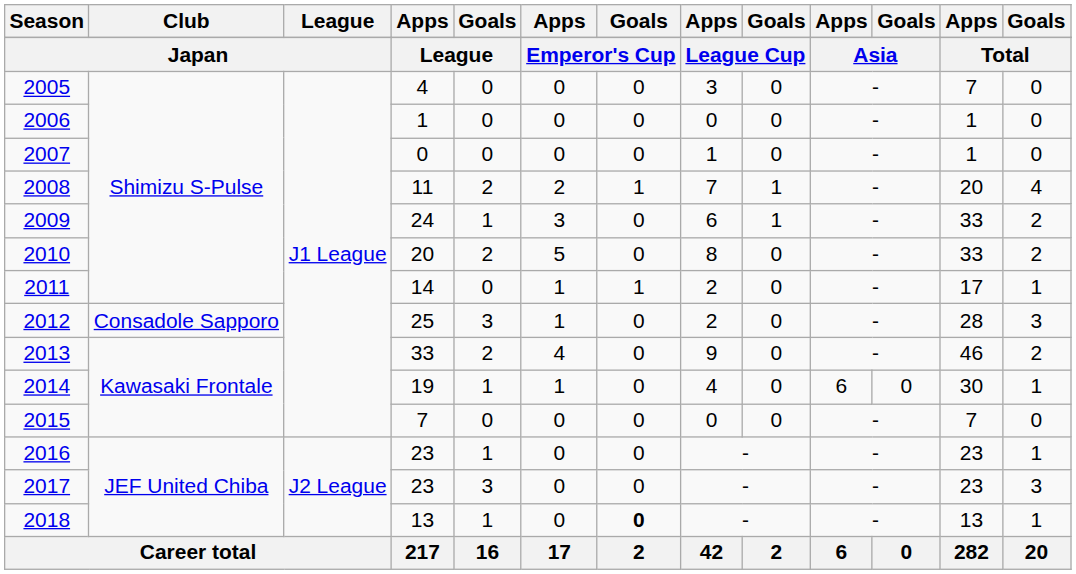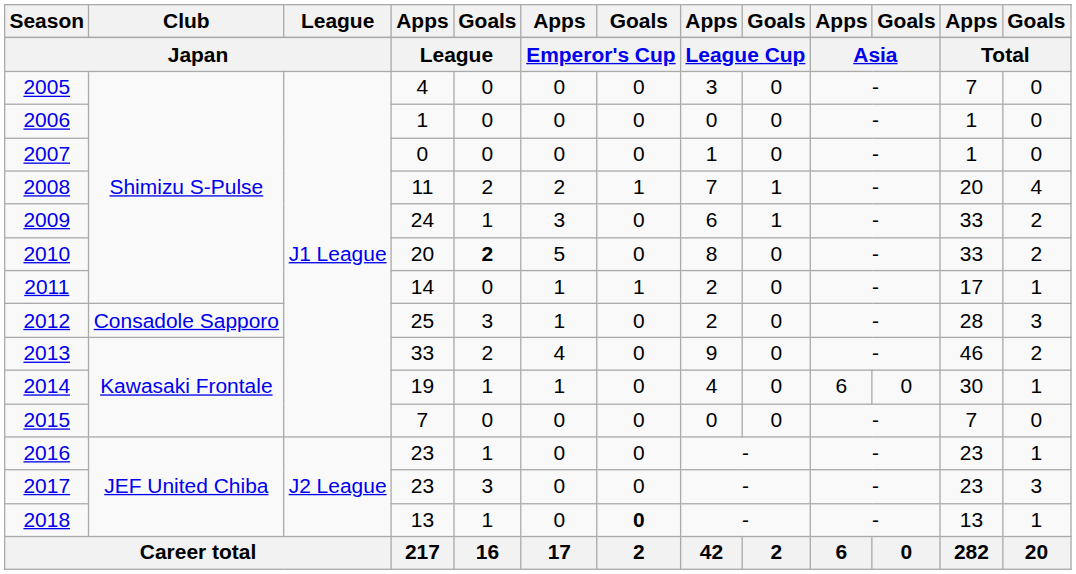 <table class="wikitable" style="text-align:center">
 <tr>
 <th>Season</th>
 <th>Club</th>
 <th>League</th>
 <th>Apps</th>
 <th>Goals</th>
 <th>Apps</th>
 <th>Goals</th>
 <th>Apps</th>
 <th>Goals</th>
 <th>Apps</th>
 <th>Goals</th>
 <th>Apps</th>
 <th>Goals</th>
 </tr>
 <tr>
 </tr>
 <tr>
 <th colspan=3>Japan</th>
 <th colspan=2>League</th>
 <th colspan=2><a href='#'>Emperor's Cup</a></th>
 <th colspan=2><a href='#'>League Cup</a></th>
 <th colspan=2><a href='#'>Asia</a></th>
 <th colspan=2>Total</th>
 </tr>
 <tr>
 <td><a href='#'>2005</a></td>
 <td rowspan="7"><a href='#'>Shimizu S-Pulse</a></td>
 <td rowspan="11"><a href='#'>J1 League</a></td>
 <td>4</td>
 <td>0</td>
 <td>0</td>
 <td>0</td>
 <td>3</td>
 <td>0</td>
 <td colspan="2">-</td>
 <td>7</td>
 <td>0</td>
 </tr>
 <tr>
 <td><a href='#'>2006</a></td>
 <td>1</td>
 <td>0</td>
 <td>0</td>
 <td>0</td>
 <td>0</td>
 <td>0</td>
 <td colspan="2">-</td>
 <td>1</td>
 <td>0</td>
 </tr>
 <tr>
 <td><a href='#'>2007</a></td>
 <td>0</td>
 <td>0</td>
 <td>0</td>
 <td>0</td>
 <td>1</td>
 <td>0</td>
 <td colspan="2">-</td>
 <td>1</td>
 <td>0</td>
 </tr>
 <tr>
 <td><a href='#'>2008</a></td>
 <td>11</td>
 <td>2</td>
 <td>2</td>
 <td>1</td>
 <td>7</td>
 <td>1</td>
 <td colspan="2">-</td>
 <td>20</td>
 <td>4</td>
 </tr>
 <tr>
 <td><a href='#'>2009</a></td>
 <td>24</td>
 <td>1</td>
 <td>3</td>
 <td>0</td>
 <td>6</td>
 <td>1</td>
 <td colspan="2">-</td>
 <td>33</td>
 <td>2</td>
 </tr>
 <tr>
 <td><a href='#'>2010</a></td>
 <td>20</td>
-<td>2</td>
+<td><strong>2</strong></td>
 <td>5</td>
 <td>0</td>
 <td>8</td>
 <td>0</td>
 <td colspan="2">-</td>
 <td>33</td>
 <td>2</td>
 </tr>
 <tr>
 <td><a href='#'>2011</a></td>
 <td>14</td>
 <td>0</td>
 <td>1</td>
 <td>1</td>
 <td>2</td>
 <td>0</td>
 <td colspan="2">-</td>
 <td>17</td>
 <td>1</td>
 </tr>
 <tr>
 <td><a href='#'>2012</a></td>
 <td rowspan="1"><a href='#'>Consadole Sapporo</a></td>
 <td>25</td>
 <td>3</td>
 <td>1</td>
 <td>0</td>
 <td>2</td>
 <td>0</td>
 <td colspan="2">-</td>
 <td>28</td>
 <td>3</td>
 </tr>
 <tr>
 <td><a href='#'>2013</a></td>
 <td rowspan="3"><a href='#'>Kawasaki Frontale</a></td>
 <td>33</td>
 <td>2</td>
 <td>4</td>
 <td>0</td>
 <td>9</td>
 <td>0</td>
 <td colspan="2">-</td>
 <td>46</td>
 <td>2</td>
 </tr>
 <tr>
 <td><a href='#'>2014</a></td>
 <td>19</td>
 <td>1</td>
 <td>1</td>
 <td>0</td>
 <td>4</td>
 <td>0</td>
 <td>6</td>
 <td>0</td>
 <td>30</td>
 <td>1</td>
 </tr>
 <tr>
 <td><a href='#'>2015</a></td>
 <td>7</td>
 <td>0</td>
 <td>0</td>
 <td>0</td>
 <td>0</td>
 <td>0</td>
 <td colspan="2">-</td>
 <td>7</td>
 <td>0</td>
 </tr>
 <tr>
 <td><a href='#'>2016</a></td>
 <td rowspan="3"><a href='#'>JEF United Chiba</a></td>
 <td rowspan="3"><a href='#'>J2 League</a></td>
 <td>23</td>
 <td>1</td>
 <td>0</td>
 <td>0</td>
 <td colspan="2">-</td>
 <td colspan="2">-</td>
 <td>23</td>
 <td>1</td>
 </tr>
 <tr>
 <td><a href='#'>2017</a></td>
 <td>23</td>
 <td>3</td>
 <td>0</td>
 <td>0</td>
 <td colspan="2">-</td>
 <td colspan="2">-</td>
 <td>23</td>
 <td>3</td>
 </tr>
 <tr>
 <td><a href='#'>2018</a></td>
 <td>13</td>
 <td>1</td>
 <td>0</td>
 <td><strong>0</strong></td>
 <td colspan="2">-</td>
 <td colspan="2">-</td>
 <td>13</td>
 <td>1</td>
 </tr>
 <tr>
 <th colspan=3>Career total</th>
 <th>217</th>
 <th>16</th>
 <th>17</th>
 <th>2</th>
 <th>42</th>
 <th>2</th>
 <th>6</th>
 <th>0</th>
 <th>282</th>
 <th>20</th>
 </tr>
 </table>
